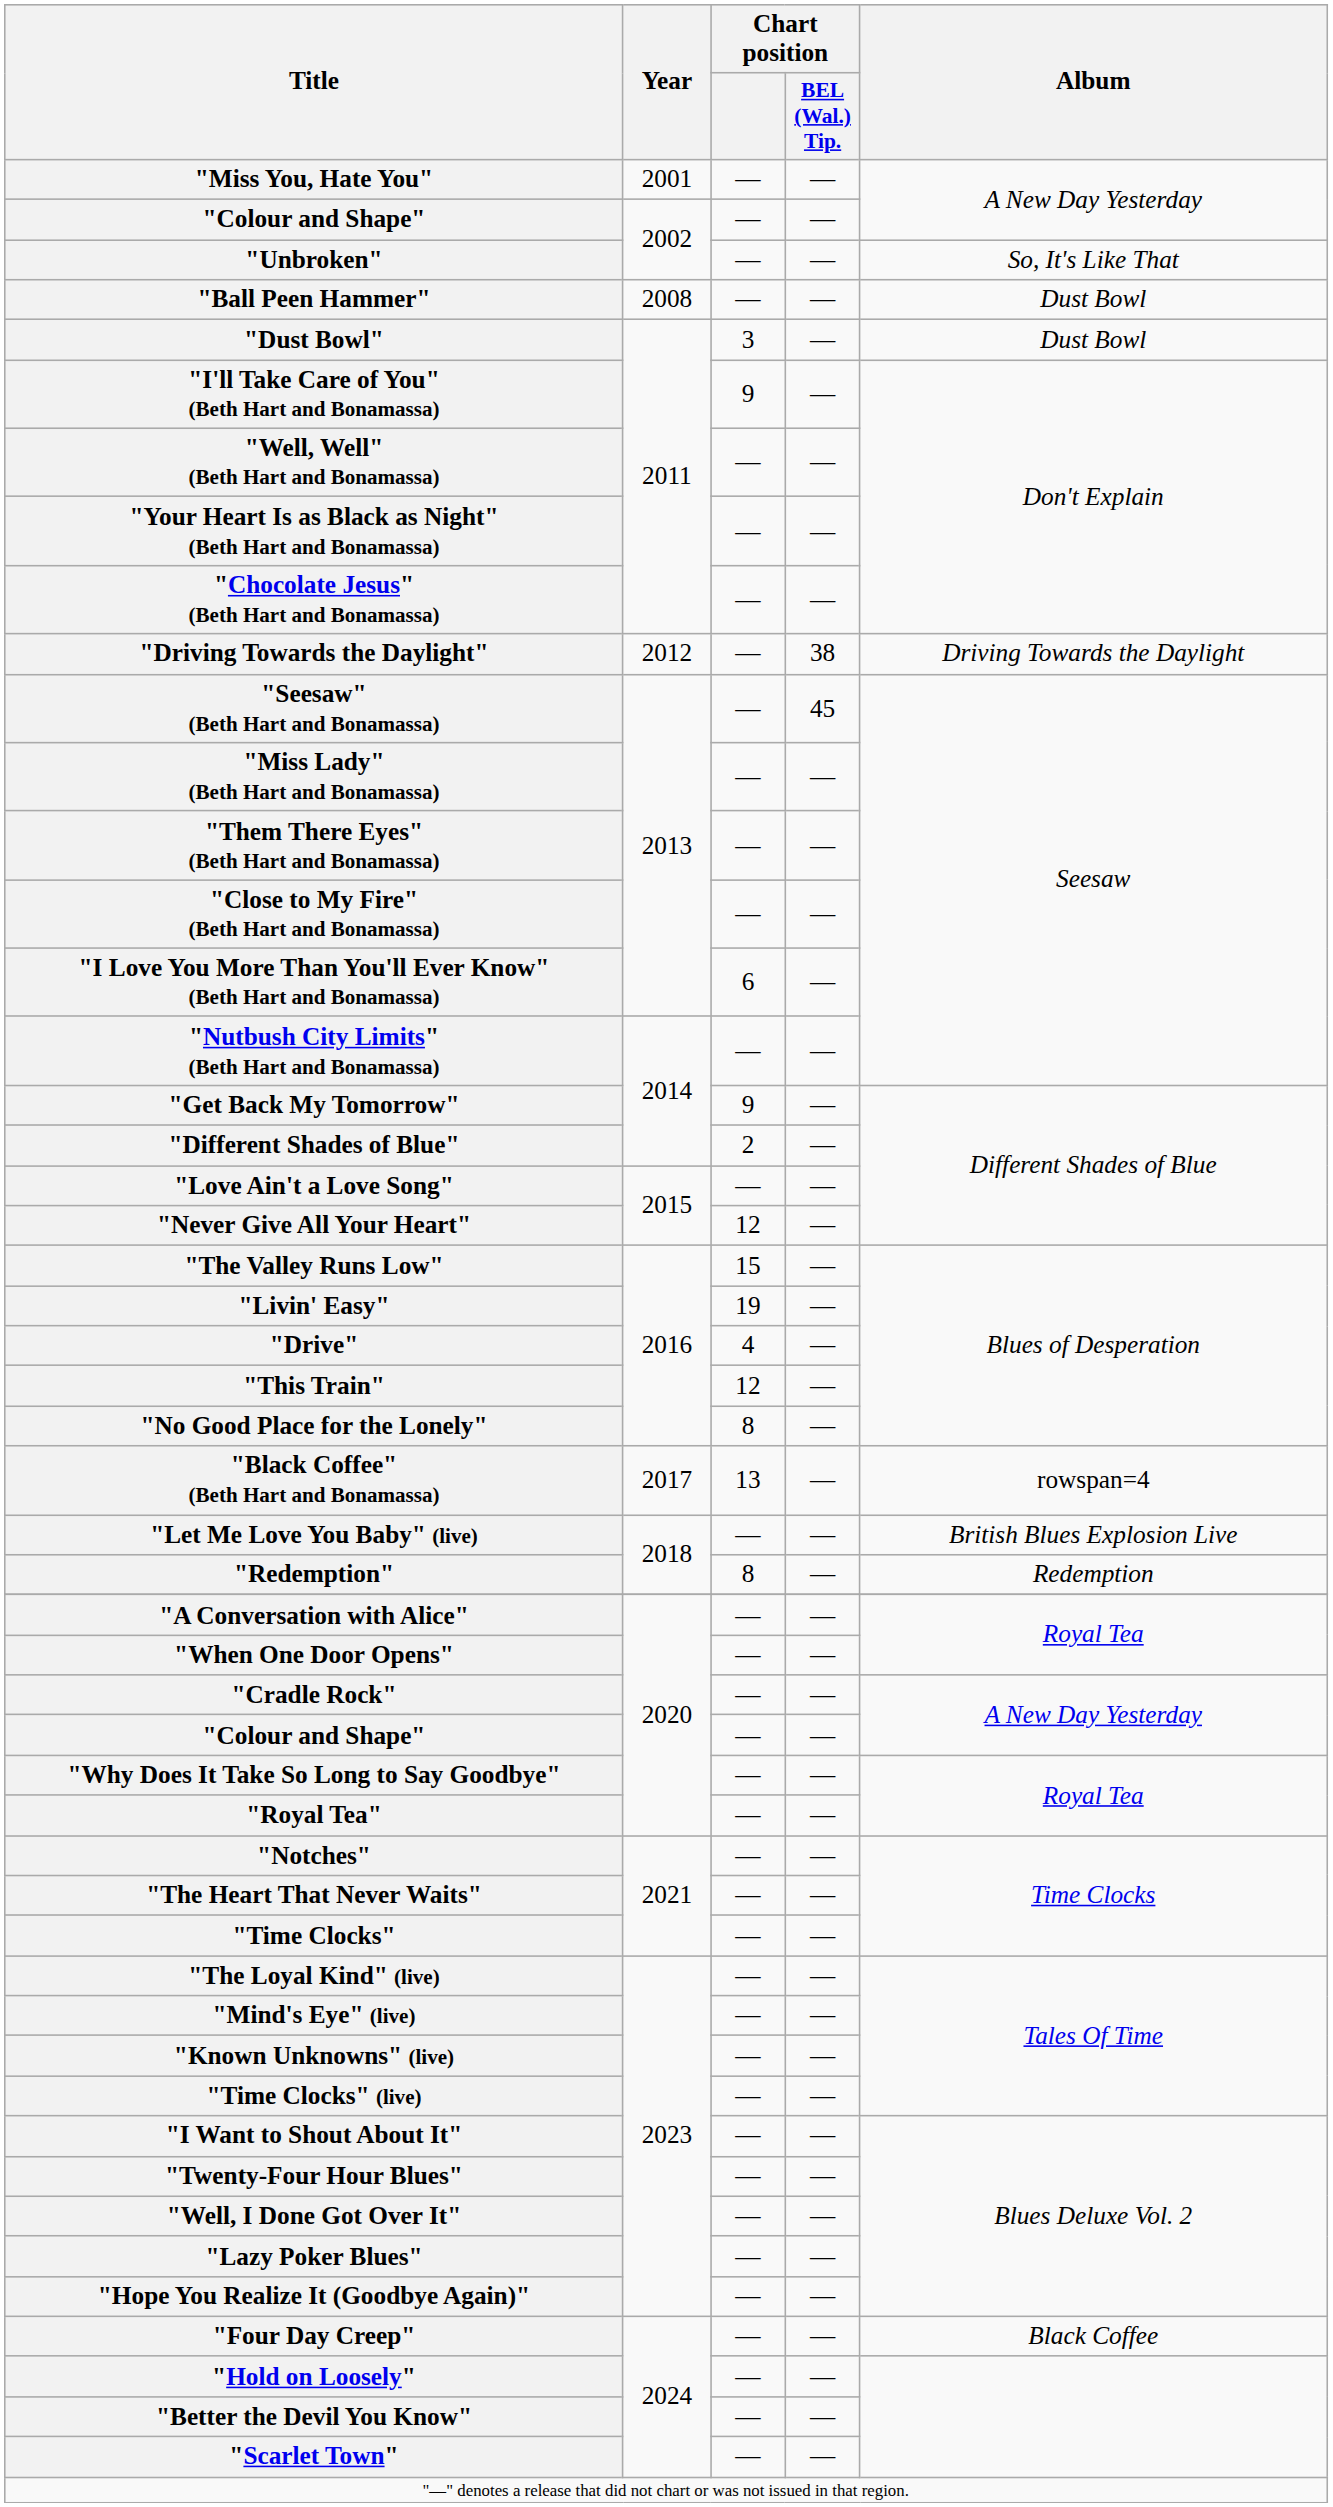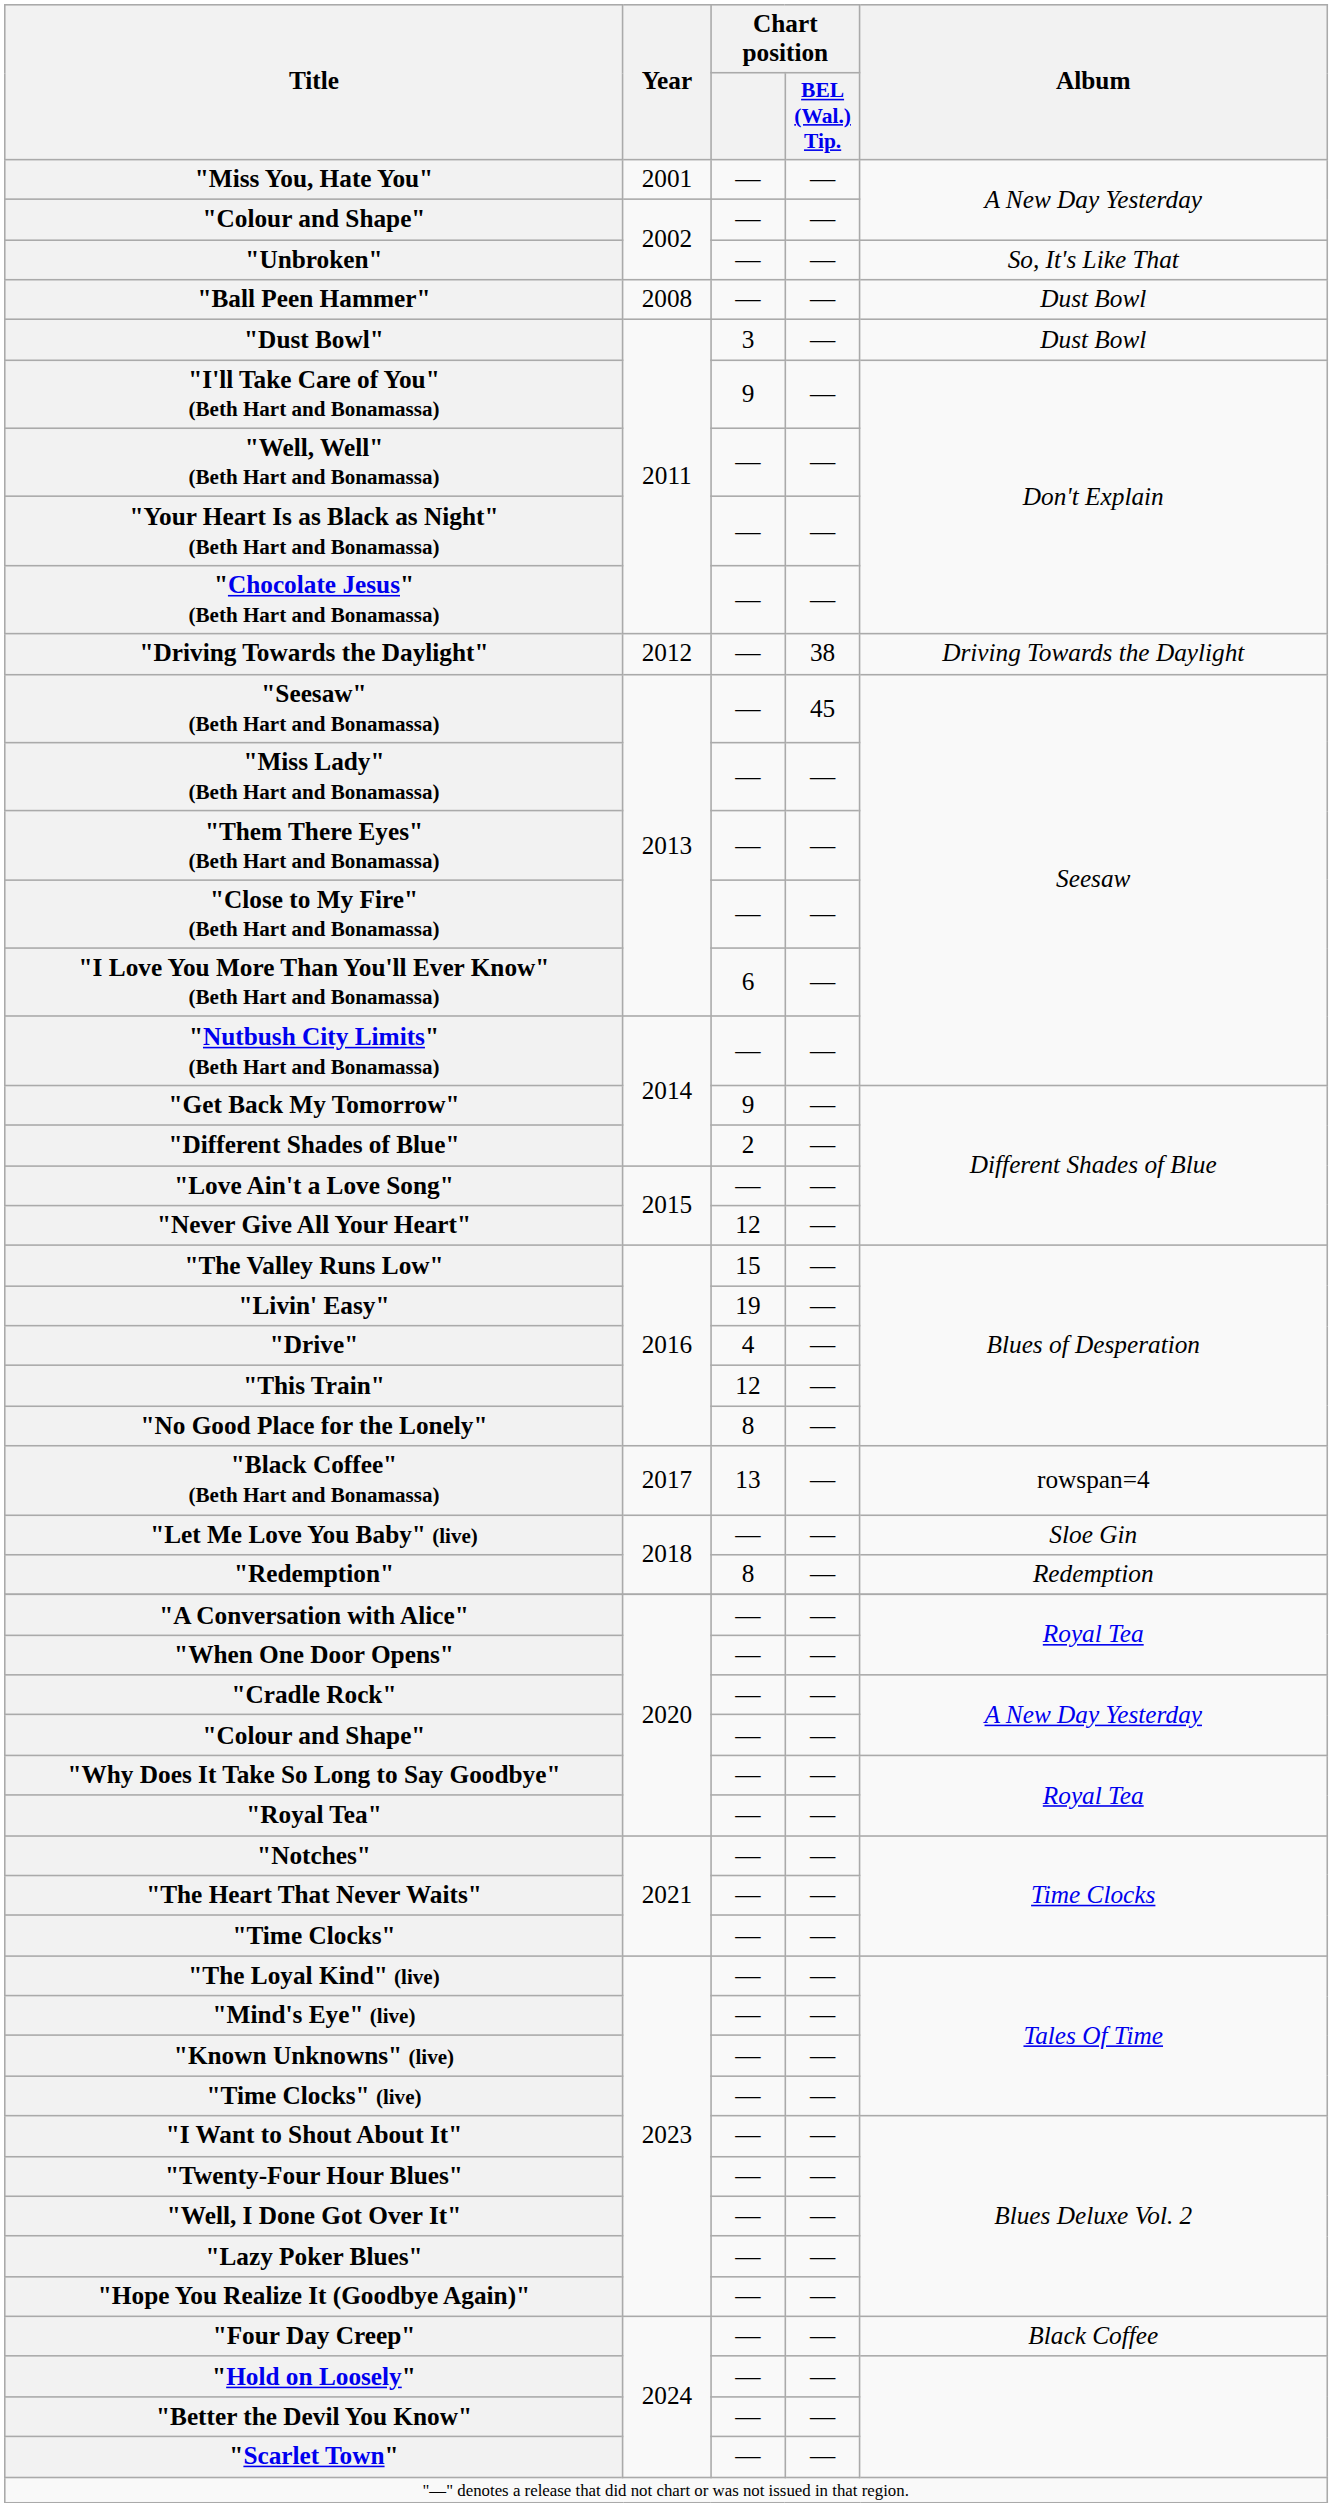 <table class="wikitable plainrowheaders" style="text-align:center;">
 <tr>
 <th scope="col" rowspan="2" style="width:24em;">Title</th>
 <th scope="col" rowspan="2" style="width:3em;">Year</th>
 <th scope="col" colspan="2">Chart position</th>
 <th scope="col" rowspan="2" style="width:18em;">Album</th>
 </tr>
 <tr>
 <th scope="col" style="width:3em;font-size:85%;"></th>
 <th scope="col" style="width:3em;font-size:85%;"><a href='#'>BEL<br>(Wal.)<br>Tip.</a><br></th>
 </tr>
 <tr>
 <th scope="row">"Miss You, Hate You"</th>
 <td>2001</td>
 <td>—</td>
 <td>—</td>
 <td rowspan="2"><em>A New Day Yesterday</em></td>
 </tr>
 <tr>
 <th scope="row">"Colour and Shape"</th>
 <td rowspan="2">2002</td>
 <td>—</td>
 <td>—</td>
 </tr>
 <tr>
 <th scope="row">"Unbroken"</th>
 <td>—</td>
 <td>—</td>
 <td><em>So, It's Like That</em></td>
 </tr>
 <tr>
 <th scope="row">"Ball Peen Hammer"</th>
 <td>2008</td>
 <td>—</td>
 <td>—</td>
 <td><em>Dust Bowl</em></td>
 </tr>
 <tr>
 <th scope="row">"Dust Bowl"</th>
 <td rowspan="5">2011</td>
 <td>3</td>
 <td>—</td>
 <td><em>Dust Bowl</em></td>
 </tr>
 <tr>
 <th scope="row">"I'll Take Care of You"<br><small>(Beth Hart and Bonamassa)</small></th>
 <td>9</td>
 <td>—</td>
 <td rowspan="4"><em>Don't Explain</em></td>
 </tr>
 <tr>
 <th scope="row">"Well, Well"<br><small>(Beth Hart and Bonamassa)</small></th>
 <td>—</td>
 <td>—</td>
 </tr>
 <tr>
 <th scope="row">"Your Heart Is as Black as Night"<br><small>(Beth Hart and Bonamassa)</small></th>
 <td>—</td>
 <td>—</td>
 </tr>
 <tr>
 <th scope="row">"<a href='#'>Chocolate Jesus</a>"<br><small>(Beth Hart and Bonamassa)</small></th>
 <td>—</td>
 <td>—</td>
 </tr>
 <tr>
 <th scope="row">"Driving Towards the Daylight"</th>
 <td>2012</td>
 <td>—</td>
 <td>38</td>
 <td><em>Driving Towards the Daylight</em></td>
 </tr>
 <tr>
 <th scope="row">"Seesaw"<br><small>(Beth Hart and Bonamassa)</small></th>
 <td rowspan="5">2013</td>
 <td>—</td>
 <td>45</td>
 <td rowspan="6"><em>Seesaw</em></td>
 </tr>
 <tr>
 <th scope="row">"Miss Lady"<br><small>(Beth Hart and Bonamassa)</small></th>
 <td>—</td>
 <td>—</td>
 </tr>
 <tr>
 <th scope="row">"Them There Eyes"<br><small>(Beth Hart and Bonamassa)</small></th>
 <td>—</td>
 <td>—</td>
 </tr>
 <tr>
 <th scope="row">"Close to My Fire"<br><small>(Beth Hart and Bonamassa)</small></th>
 <td>—</td>
 <td>—</td>
 </tr>
 <tr>
 <th scope="row">"I Love You More Than You'll Ever Know"<br><small>(Beth Hart and Bonamassa)</small></th>
 <td>6</td>
 <td>—</td>
 </tr>
 <tr>
 <th scope="row">"<a href='#'>Nutbush City Limits</a>"<br><small>(Beth Hart and Bonamassa)</small></th>
 <td rowspan="3">2014</td>
 <td>—</td>
 <td>—</td>
 </tr>
 <tr>
 <th scope="row">"Get Back My Tomorrow"</th>
 <td>9</td>
 <td>—</td>
 <td rowspan="4"><em>Different Shades of Blue</em></td>
 </tr>
 <tr>
 <th scope="row">"Different Shades of Blue"</th>
 <td>2</td>
 <td>—</td>
 </tr>
 <tr>
 <th scope="row">"Love Ain't a Love Song"</th>
 <td rowspan="2">2015</td>
 <td>—</td>
 <td>—</td>
 </tr>
 <tr>
 <th scope="row">"Never Give All Your Heart"</th>
 <td>12</td>
 <td>—</td>
 </tr>
 <tr>
 <th scope="row">"The Valley Runs Low"</th>
 <td rowspan="5">2016</td>
 <td>15</td>
 <td>—</td>
 <td rowspan="5"><em>Blues of Desperation</em></td>
 </tr>
 <tr>
 <th scope="row">"Livin' Easy"</th>
 <td>19</td>
 <td>—</td>
 </tr>
 <tr>
 <th scope="row">"Drive"</th>
 <td>4</td>
 <td>—</td>
 </tr>
 <tr>
 <th scope="row">"This Train"</th>
 <td>12</td>
 <td>—</td>
 </tr>
 <tr>
 <th scope="row">"No Good Place for the Lonely"</th>
 <td>8</td>
 <td>—</td>
 </tr>
 <tr>
 <th scope="row">"Black Coffee"<br><small>(Beth Hart and Bonamassa)</small></th>
 <td>2017</td>
 <td>13</td>
 <td>—</td>
 <td>rowspan=4 </td>
 </tr>
 <tr>
 <th scope="row">"Let Me Love You Baby" <small>(live)</small></th>
 <td rowspan="2">2018</td>
 <td>—</td>
 <td>—</td>
-<td><em>British Blues Explosion Live</em></td>
+<td><em>Sloe Gin</em></td>
 </tr>
 <tr>
 <th scope="row">"Redemption"</th>
 <td>8</td>
 <td>—</td>
 <td><em>Redemption</em></td>
 </tr>
 <tr>
 </tr>
 <tr>
 <th scope="row">"A Conversation with Alice"</th>
 <td rowspan="6">2020</td>
 <td>—</td>
 <td>—</td>
 <td rowspan=2><em><a href='#'>Royal Tea</a></em></td>
 </tr>
 <tr>
 <th scope="row">"When One Door Opens"</th>
 <td>—</td>
 <td>—</td>
 </tr>
 <tr>
 <th scope="row">"Cradle Rock"</th>
 <td>—</td>
 <td>—</td>
 <td rowspan=2><em><a href='#'>A New Day Yesterday</a></em></td>
 </tr>
 <tr>
 <th scope="row">"Colour and Shape"</th>
 <td>—</td>
 <td>—</td>
 </tr>
 <tr>
 <th scope="row">"Why Does It Take So Long to Say Goodbye"</th>
 <td>—</td>
 <td>—</td>
 <td rowspan=2><em><a href='#'>Royal Tea</a></em></td>
 </tr>
 <tr>
 <th scope="row">"Royal Tea"</th>
 <td>—</td>
 <td>—</td>
 </tr>
 <tr>
 <th scope="row">"Notches"</th>
 <td rowspan="3">2021</td>
 <td>—</td>
 <td>—</td>
 <td rowspan=3><em><a href='#'>Time Clocks</a></em></td>
 </tr>
 <tr>
 <th scope="row">"The Heart That Never Waits"</th>
 <td>—</td>
 <td>—</td>
 </tr>
 <tr>
 <th scope="row">"Time Clocks"</th>
 <td>—</td>
 <td>—</td>
 </tr>
 <tr>
 <th scope="row">"The Loyal Kind" <small>(live)</small></th>
 <td rowspan="9">2023</td>
 <td>—</td>
 <td>—</td>
 <td rowspan=4><em><a href='#'>Tales Of Time</a></em></td>
 </tr>
 <tr>
 <th scope="row">"Mind's Eye" <small>(live)</small></th>
 <td>—</td>
 <td>—</td>
 </tr>
 <tr>
 <th scope="row">"Known Unknowns" <small>(live)</small></th>
 <td>—</td>
 <td>—</td>
 </tr>
 <tr>
 <th scope="row">"Time Clocks" <small>(live)</small></th>
 <td>—</td>
 <td>—</td>
 </tr>
 <tr>
 <th scope="row">"I Want to Shout About It"</th>
 <td>—</td>
 <td>—</td>
 <td rowspan=5><em>Blues Deluxe Vol. 2</em></td>
 </tr>
 <tr>
 <th scope="row">"Twenty-Four Hour Blues"</th>
 <td>—</td>
 <td>—</td>
 </tr>
 <tr>
 <th scope="row">"Well, I Done Got Over It"</th>
 <td>—</td>
 <td>—</td>
 </tr>
 <tr>
 <th scope="row">"Lazy Poker Blues"</th>
 <td>—</td>
 <td>—</td>
 </tr>
 <tr>
 <th scope="row">"Hope You Realize It (Goodbye Again)"</th>
 <td>—</td>
 <td>—</td>
 </tr>
 <tr>
 <th scope="row">"Four Day Creep"<br> </th>
 <td rowspan=4>2024</td>
 <td>—</td>
 <td>—</td>
 <td><em>Black Coffee</em></td>
 </tr>
 <tr>
 <th scope="row">"<a href='#'>Hold on Loosely</a>"<br> </th>
 <td>—</td>
 <td>—</td>
 </tr>
 <tr>
 <th scope="row">"Better the Devil You Know"</th>
 <td>—</td>
 <td>—</td>
 </tr>
 <tr>
 <th scope="row">"<a href='#'>Scarlet Town</a>"</th>
 <td>—</td>
 <td>—</td>
 </tr>
 <tr>
 <td align="center" colspan="5" style="font-size: 8pt">"—" denotes a release that did not chart or was not issued in that region.</td>
 </tr>
 </table>
